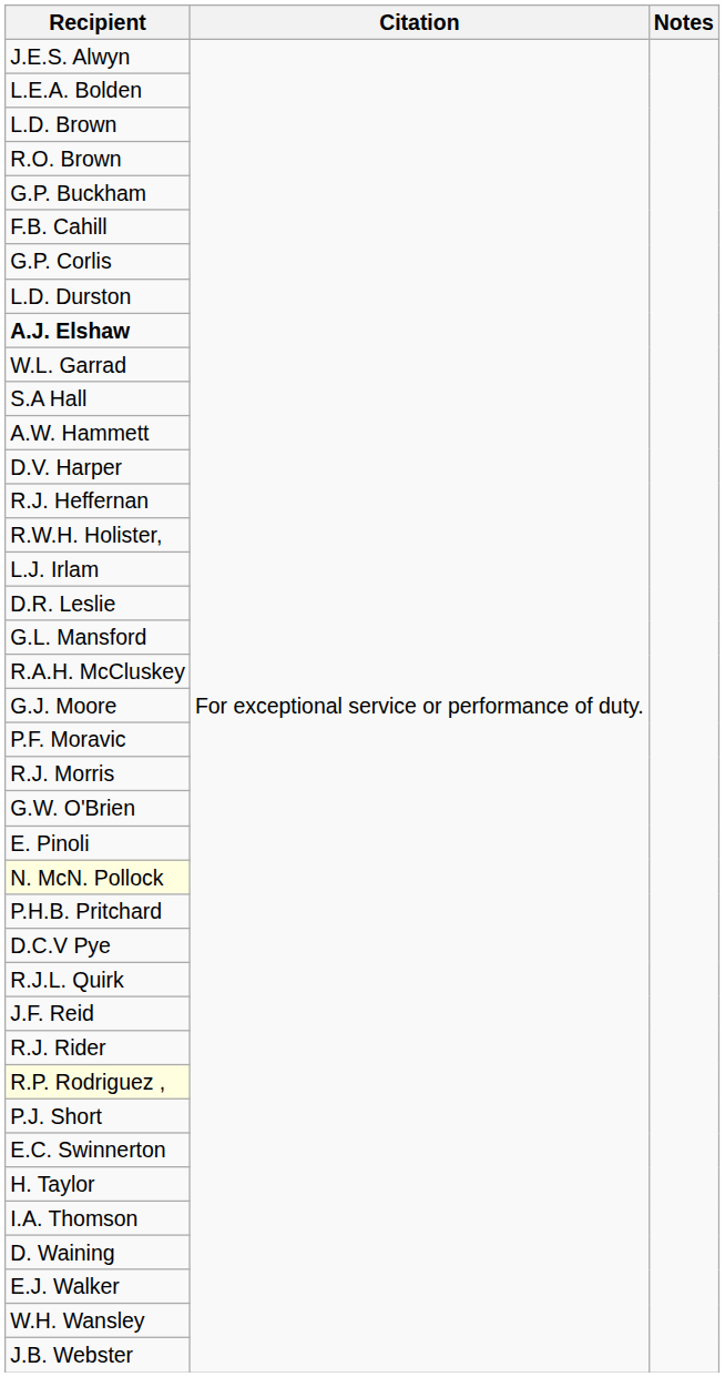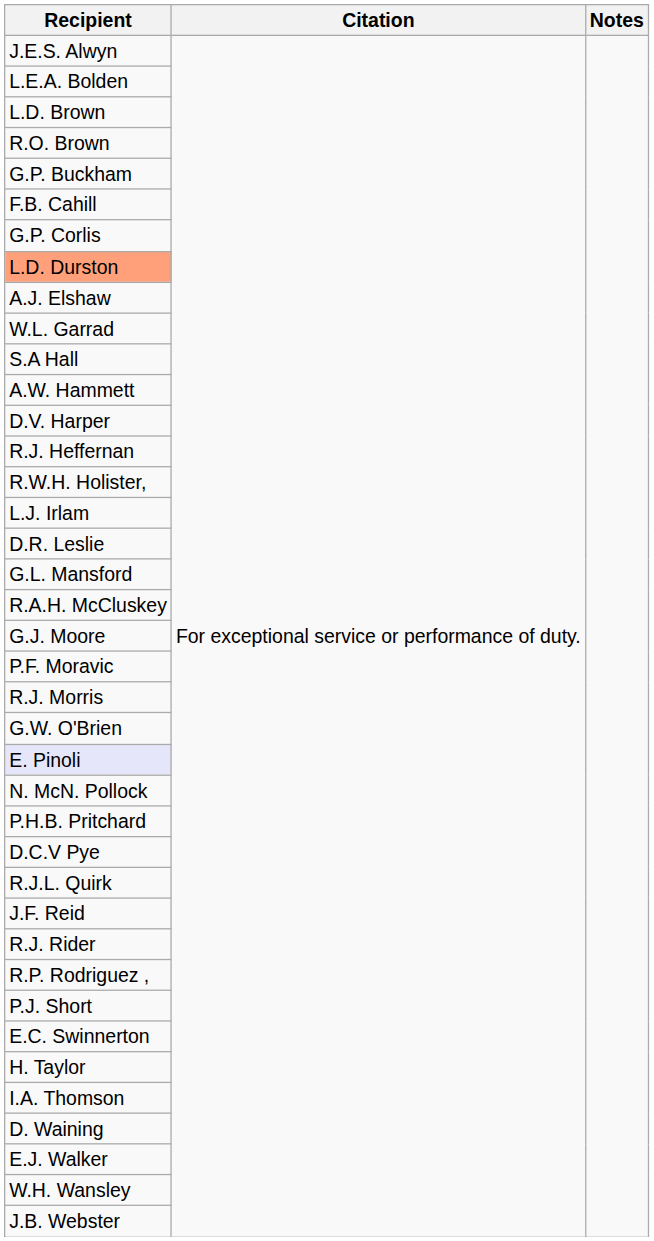 <table class="wikitable" style="font-size:95%;">
 <tr>
 <th>Recipient</th>
 <th>Citation</th>
 <th>Notes</th>
 </tr>
 <tr>
 <td> J.E.S. Alwyn</td>
 <td rowspan=39>For exceptional service or performance of duty.</td>
 <td rowspan=39></td>
 </tr>
 <tr>
 <td> L.E.A. Bolden</td>
 </tr>
 <tr>
 <td> L.D. Brown</td>
 </tr>
 <tr>
 <td> R.O. Brown </td>
 </tr>
 <tr>
 <td> G.P. Buckham</td>
 </tr>
 <tr>
 <td> F.B. Cahill</td>
 </tr>
 <tr>
 <td> G.P. Corlis</td>
 </tr>
 <tr>
-<td> L.D. Durston</td>
+<td style="background: lightsalmon;"> L.D. Durston</td>
 </tr>
 <tr>
-<td><strong> A.J. Elshaw</strong></td>
+<td> A.J. Elshaw</td>
 </tr>
 <tr>
 <td> W.L. Garrad</td>
 </tr>
 <tr>
 <td> S.A Hall </td>
 </tr>
 <tr>
 <td> A.W. Hammett</td>
 </tr>
 <tr>
 <td> D.V. Harper</td>
 </tr>
 <tr>
 <td> R.J. Heffernan</td>
 </tr>
 <tr>
 <td> R.W.H. Holister, </td>
 </tr>
 <tr>
 <td> L.J. Irlam</td>
 </tr>
 <tr>
 <td> D.R. Leslie </td>
 </tr>
 <tr>
 <td> G.L. Mansford</td>
 </tr>
 <tr>
 <td> R.A.H. McCluskey</td>
 </tr>
 <tr>
 <td> G.J. Moore</td>
 </tr>
 <tr>
 <td> P.F. Moravic</td>
 </tr>
 <tr>
 <td> R.J. Morris</td>
 </tr>
 <tr>
 <td> G.W. O'Brien</td>
 </tr>
 <tr>
-<td> E. Pinoli</td>
+<td style="background: lavender;"> E. Pinoli</td>
 </tr>
 <tr>
-<td style="background: lightyellow;"> N. McN. Pollock</td>
+<td> N. McN. Pollock</td>
 </tr>
 <tr>
 <td> P.H.B. Pritchard</td>
 </tr>
 <tr>
 <td> D.C.V Pye</td>
 </tr>
 <tr>
 <td> R.J.L. Quirk </td>
 </tr>
 <tr>
 <td> J.F. Reid</td>
 </tr>
 <tr>
 <td> R.J. Rider</td>
 </tr>
 <tr>
-<td style="background: lightyellow;"> R.P. Rodriguez , </td>
+<td> R.P. Rodriguez , </td>
 </tr>
 <tr>
 <td> P.J. Short</td>
 </tr>
 <tr>
 <td> E.C. Swinnerton </td>
 </tr>
 <tr>
 <td> H. Taylor</td>
 </tr>
 <tr>
 <td> I.A. Thomson</td>
 </tr>
 <tr>
 <td> D. Waining</td>
 </tr>
 <tr>
 <td> E.J. Walker</td>
 </tr>
 <tr>
 <td> W.H. Wansley</td>
 </tr>
 <tr>
 <td> J.B. Webster</td>
 </tr>
 </table>
